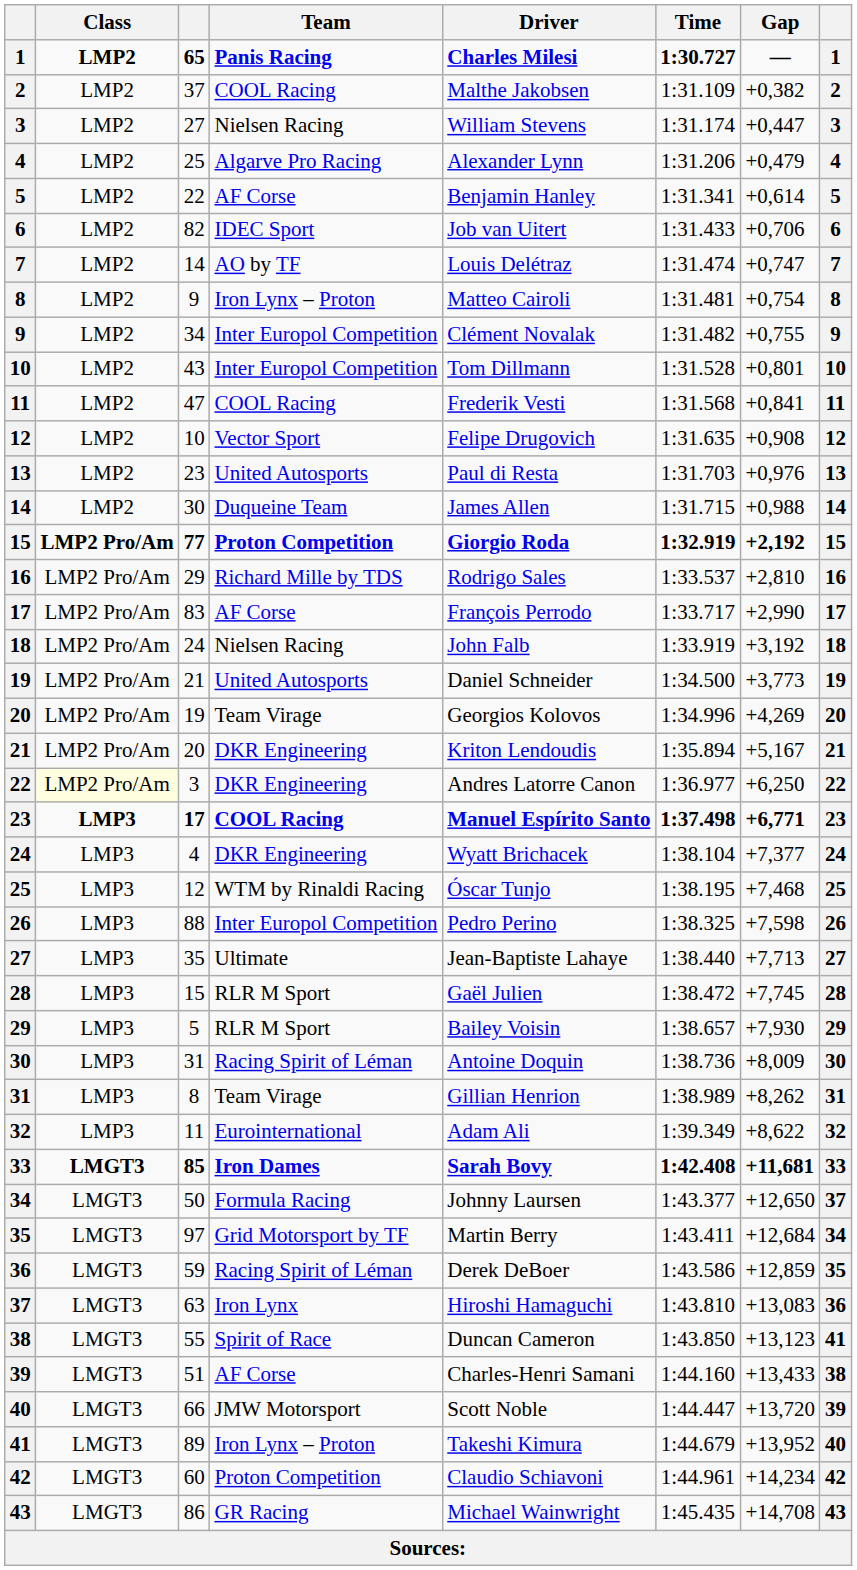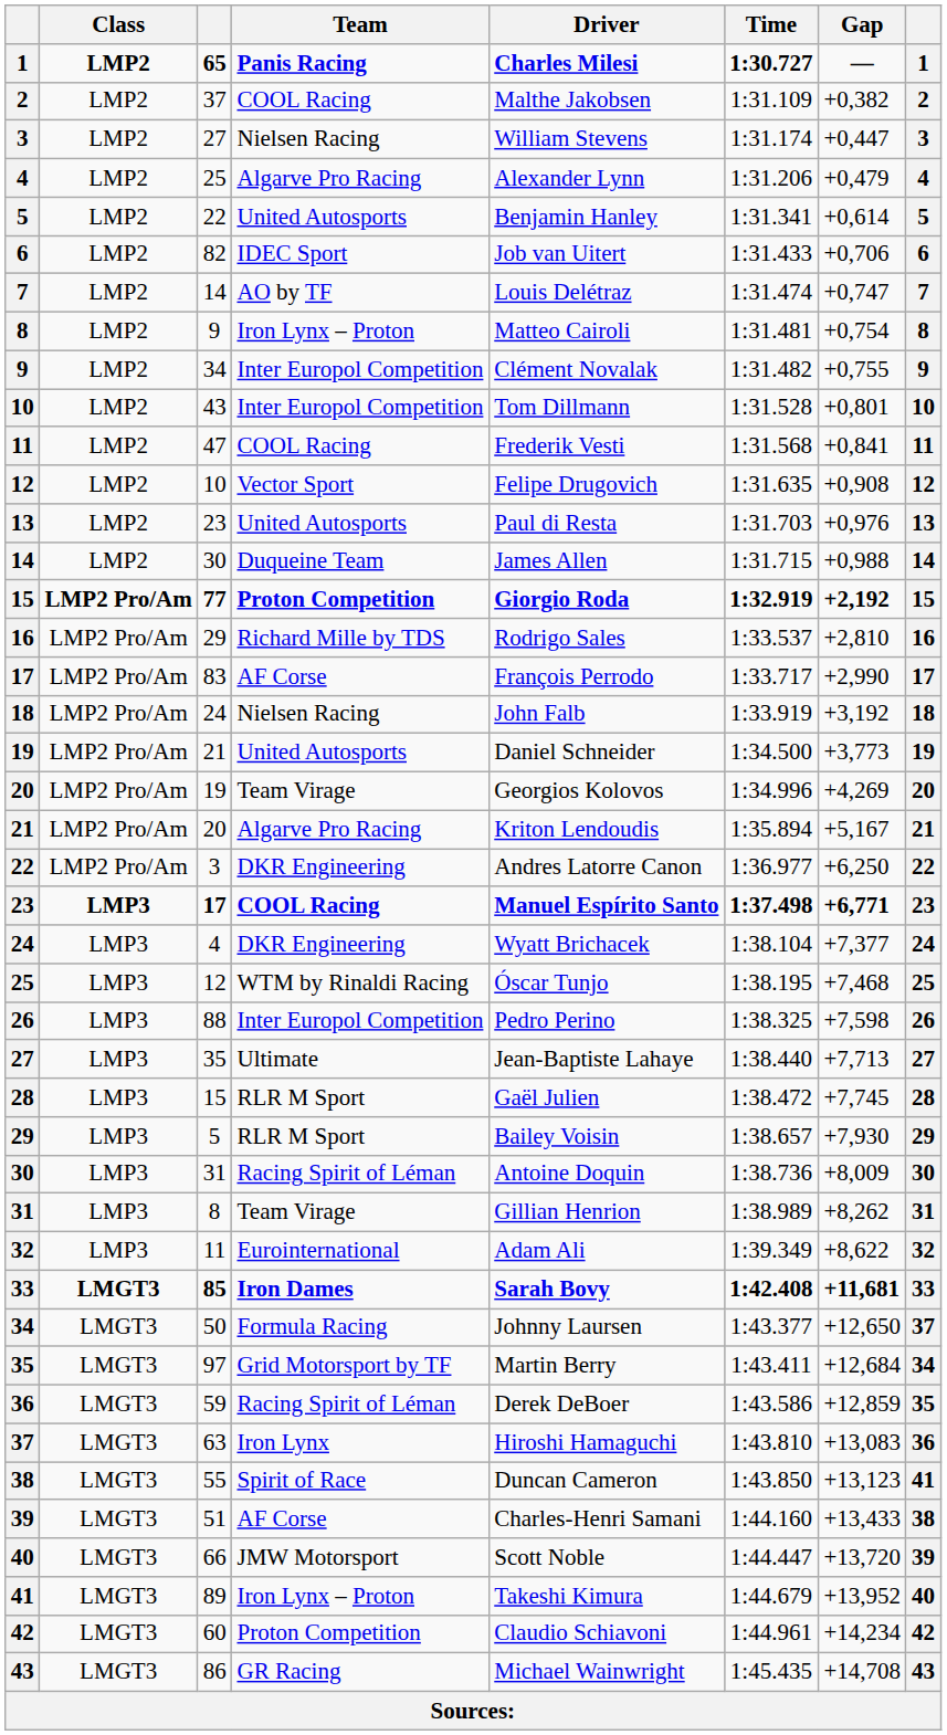 <table class="wikitable sortable" style="font-size: 90%;">
 <tr>
 <th></th>
 <th class="unsortable">Class</th>
 <th class="unsortable"></th>
 <th class="unsortable">Team</th>
 <th class="unsortable">Driver</th>
 <th class="unsortable">Time</th>
 <th class="unsortable">Gap</th>
 <th></th>
 </tr>
 <tr style="font-weight: bold;">
 <th>1</th>
 <td align="center">LMP2</td>
 <td align="center">65</td>
 <td> <a href='#'>Panis Racing</a></td>
 <td> <a href='#'>Charles Milesi</a></td>
 <td align="center">1:30.727</td>
 <td align="center">—</td>
 <th>1</th>
 </tr>
 <tr>
 <th>2</th>
 <td align="center">LMP2</td>
 <td align="center">37</td>
 <td> <a href='#'>COOL Racing</a></td>
 <td> <a href='#'>Malthe Jakobsen</a></td>
 <td align="center">1:31.109</td>
 <td>+0,382</td>
 <th>2</th>
 </tr>
 <tr>
 <th>3</th>
 <td align="center">LMP2</td>
 <td align="center">27</td>
 <td> Nielsen Racing</td>
 <td> <a href='#'>William Stevens</a></td>
 <td align="center">1:31.174</td>
 <td>+0,447</td>
 <th>3</th>
 </tr>
 <tr>
 <th>4</th>
 <td align="center">LMP2</td>
 <td align="center">25</td>
 <td> <a href='#'>Algarve Pro Racing</a></td>
 <td> <a href='#'>Alexander Lynn</a></td>
 <td align="center">1:31.206</td>
 <td>+0,479</td>
 <th>4</th>
 </tr>
 <tr>
 <th>5</th>
 <td align="center">LMP2</td>
 <td align="center">22</td>
-<td> <a href='#'>AF Corse</a></td>
+<td> <a href='#'>United Autosports</a></td>
 <td> <a href='#'>Benjamin Hanley</a></td>
 <td align="center">1:31.341</td>
 <td>+0,614</td>
 <th>5</th>
 </tr>
 <tr>
 <th>6</th>
 <td align="center">LMP2</td>
 <td align="center">82</td>
 <td> <a href='#'>IDEC Sport</a></td>
 <td> <a href='#'>Job van Uitert</a></td>
 <td align="center">1:31.433</td>
 <td>+0,706</td>
 <th>6</th>
 </tr>
 <tr>
 <th>7</th>
 <td align="center">LMP2</td>
 <td align="center">14</td>
 <td> <a href='#'>AO</a> by <a href='#'>TF</a></td>
 <td> <a href='#'>Louis Delétraz</a></td>
 <td align="center">1:31.474</td>
 <td>+0,747</td>
 <th>7</th>
 </tr>
 <tr>
 <th>8</th>
 <td align="center">LMP2</td>
 <td align="center">9</td>
 <td> <a href='#'>Iron Lynx</a> – <a href='#'>Proton</a></td>
 <td> <a href='#'>Matteo Cairoli</a></td>
 <td align="center">1:31.481</td>
 <td>+0,754</td>
 <th>8</th>
 </tr>
 <tr>
 <th>9</th>
 <td align="center">LMP2</td>
 <td align="center">34</td>
 <td> <a href='#'>Inter Europol Competition</a></td>
 <td> <a href='#'>Clément Novalak</a></td>
 <td align="center">1:31.482</td>
 <td>+0,755</td>
 <th>9</th>
 </tr>
 <tr>
 <th>10</th>
 <td align="center">LMP2</td>
 <td align="center">43</td>
 <td> <a href='#'>Inter Europol Competition</a></td>
 <td> <a href='#'>Tom Dillmann</a></td>
 <td align="center">1:31.528</td>
 <td>+0,801</td>
 <th>10</th>
 </tr>
 <tr>
 <th>11</th>
 <td align="center">LMP2</td>
 <td align="center">47</td>
 <td> <a href='#'>COOL Racing</a></td>
 <td> <a href='#'>Frederik Vesti</a></td>
 <td align="center">1:31.568</td>
 <td>+0,841</td>
 <th>11</th>
 </tr>
 <tr>
 <th>12</th>
 <td align="center">LMP2</td>
 <td align="center">10</td>
 <td> <a href='#'>Vector Sport</a></td>
 <td> <a href='#'>Felipe Drugovich</a></td>
 <td align="center">1:31.635</td>
 <td>+0,908</td>
 <th>12</th>
 </tr>
 <tr>
 <th>13</th>
 <td align="center">LMP2</td>
 <td align="center">23</td>
 <td> <a href='#'>United Autosports</a></td>
 <td> <a href='#'>Paul di Resta</a></td>
 <td align="center">1:31.703</td>
 <td>+0,976</td>
 <th>13</th>
 </tr>
 <tr>
 <th>14</th>
 <td align="center">LMP2</td>
 <td align="center">30</td>
 <td> <a href='#'>Duqueine Team</a></td>
 <td> <a href='#'>James Allen</a></td>
 <td align="center">1:31.715</td>
 <td>+0,988</td>
 <th>14</th>
 </tr>
 <tr style="font-weight: bold;">
 <th>15</th>
 <td align="center">LMP2 Pro/Am</td>
 <td align="center">77</td>
 <td> <a href='#'>Proton Competition</a></td>
 <td> <a href='#'>Giorgio Roda</a></td>
 <td align="center">1:32.919</td>
 <td>+2,192</td>
 <th>15</th>
 </tr>
 <tr>
 <th>16</th>
 <td align="center">LMP2 Pro/Am</td>
 <td align="center">29</td>
 <td> <a href='#'>Richard Mille by TDS</a></td>
 <td> <a href='#'>Rodrigo Sales</a></td>
 <td align="center">1:33.537</td>
 <td>+2,810</td>
 <th>16</th>
 </tr>
 <tr>
 <th>17</th>
 <td align="center">LMP2 Pro/Am</td>
 <td align="center">83</td>
 <td> <a href='#'>AF Corse</a></td>
 <td> <a href='#'>François Perrodo</a></td>
 <td align="center">1:33.717</td>
 <td>+2,990</td>
 <th>17</th>
 </tr>
 <tr>
 <th>18</th>
 <td align="center">LMP2 Pro/Am</td>
 <td align="center">24</td>
 <td> Nielsen Racing</td>
 <td> <a href='#'>John Falb</a></td>
 <td align="center">1:33.919</td>
 <td>+3,192</td>
 <th>18</th>
 </tr>
 <tr>
 <th>19</th>
 <td align="center">LMP2 Pro/Am</td>
 <td align="center">21</td>
 <td> <a href='#'>United Autosports</a></td>
 <td> Daniel Schneider</td>
 <td align="center">1:34.500</td>
 <td>+3,773</td>
 <th>19</th>
 </tr>
 <tr>
 <th>20</th>
 <td align="center">LMP2 Pro/Am</td>
 <td align="center">19</td>
 <td> Team Virage</td>
 <td> Georgios Kolovos</td>
 <td align="center">1:34.996</td>
 <td>+4,269</td>
 <th>20</th>
 </tr>
 <tr>
 <th>21</th>
 <td align="center">LMP2 Pro/Am</td>
 <td align="center">20</td>
-<td> <a href='#'>DKR Engineering</a></td>
+<td> <a href='#'>Algarve Pro Racing</a></td>
 <td> <a href='#'>Kriton Lendoudis</a></td>
 <td align="center">1:35.894</td>
 <td>+5,167</td>
 <th>21</th>
 </tr>
 <tr>
 <th>22</th>
-<td align="center" style="background: lightyellow;">LMP2 Pro/Am</td>
+<td align="center">LMP2 Pro/Am</td>
 <td align="center">3</td>
 <td> <a href='#'>DKR Engineering</a></td>
 <td> Andres Latorre Canon</td>
 <td align="center">1:36.977</td>
 <td>+6,250</td>
 <th>22</th>
 </tr>
 <tr style="font-weight: bold;">
 <th>23</th>
 <td align="center">LMP3</td>
 <td align="center">17</td>
 <td> <a href='#'>COOL Racing</a></td>
 <td> <a href='#'>Manuel Espírito Santo</a></td>
 <td align="center">1:37.498</td>
 <td>+6,771</td>
 <th>23</th>
 </tr>
 <tr>
 <th>24</th>
 <td align="center">LMP3</td>
 <td align="center">4</td>
 <td> <a href='#'>DKR Engineering</a></td>
 <td> <a href='#'>Wyatt Brichacek</a></td>
 <td align="center">1:38.104</td>
 <td>+7,377</td>
 <th>24</th>
 </tr>
 <tr>
 <th>25</th>
 <td align="center">LMP3</td>
 <td align="center">12</td>
 <td> WTM by Rinaldi Racing</td>
 <td> <a href='#'>Óscar Tunjo</a></td>
 <td align="center">1:38.195</td>
 <td>+7,468</td>
 <th>25</th>
 </tr>
 <tr>
 <th>26</th>
 <td align="center">LMP3</td>
 <td align="center">88</td>
 <td> <a href='#'>Inter Europol Competition</a></td>
 <td> <a href='#'>Pedro Perino</a></td>
 <td align="center">1:38.325</td>
 <td>+7,598</td>
 <th>26</th>
 </tr>
 <tr>
 <th>27</th>
 <td align="center">LMP3</td>
 <td align="center">35</td>
 <td> Ultimate</td>
 <td> Jean-Baptiste Lahaye</td>
 <td align="center">1:38.440</td>
 <td>+7,713</td>
 <th>27</th>
 </tr>
 <tr>
 <th>28</th>
 <td align="center">LMP3</td>
 <td align="center">15</td>
 <td> RLR M Sport</td>
 <td> <a href='#'>Gaël Julien</a></td>
 <td align="center">1:38.472</td>
 <td>+7,745</td>
 <th>28</th>
 </tr>
 <tr>
 <th>29</th>
 <td align="center">LMP3</td>
 <td align="center">5</td>
 <td> RLR M Sport</td>
 <td> <a href='#'>Bailey Voisin</a></td>
 <td align="center">1:38.657</td>
 <td>+7,930</td>
 <th>29</th>
 </tr>
 <tr>
 <th>30</th>
 <td align="center">LMP3</td>
 <td align="center">31</td>
 <td> <a href='#'>Racing Spirit of Léman</a></td>
 <td> <a href='#'>Antoine Doquin</a></td>
 <td align="center">1:38.736</td>
 <td>+8,009</td>
 <th>30</th>
 </tr>
 <tr>
 <th>31</th>
 <td align="center">LMP3</td>
 <td align="center">8</td>
 <td> Team Virage</td>
 <td> <a href='#'>Gillian Henrion</a></td>
 <td align="center">1:38.989</td>
 <td>+8,262</td>
 <th>31</th>
 </tr>
 <tr>
 <th>32</th>
 <td align="center">LMP3</td>
 <td align="center">11</td>
 <td> <a href='#'>Eurointernational</a></td>
 <td> <a href='#'>Adam Ali</a></td>
 <td align="center">1:39.349</td>
 <td>+8,622</td>
 <th>32</th>
 </tr>
 <tr style="font-weight: bold;">
 <th>33</th>
 <td align="center">LMGT3</td>
 <td align="center">85</td>
 <td> <a href='#'>Iron Dames</a></td>
 <td> <a href='#'>Sarah Bovy</a></td>
 <td align="center">1:42.408</td>
 <td>+11,681</td>
 <th>33</th>
 </tr>
 <tr>
 <th>34</th>
 <td align="center">LMGT3</td>
 <td align="center">50</td>
 <td> <a href='#'>Formula Racing</a></td>
 <td> Johnny Laursen</td>
 <td align="center">1:43.377</td>
 <td>+12,650</td>
 <th>37</th>
 </tr>
 <tr>
 <th>35</th>
 <td align="center">LMGT3</td>
 <td align="center">97</td>
 <td> <a href='#'>Grid Motorsport by TF</a></td>
 <td> Martin Berry</td>
 <td align="center">1:43.411</td>
 <td>+12,684</td>
 <th>34</th>
 </tr>
 <tr>
 <th>36</th>
 <td align="center">LMGT3</td>
 <td align="center">59</td>
 <td> <a href='#'>Racing Spirit of Léman</a></td>
 <td> Derek DeBoer</td>
 <td align="center">1:43.586</td>
 <td>+12,859</td>
 <th>35</th>
 </tr>
 <tr>
 <th>37</th>
 <td align="center">LMGT3</td>
 <td align="center">63</td>
 <td> <a href='#'>Iron Lynx</a></td>
 <td> <a href='#'>Hiroshi Hamaguchi</a></td>
 <td align="center">1:43.810</td>
 <td>+13,083</td>
 <th>36</th>
 </tr>
 <tr>
 <th>38</th>
 <td align="center">LMGT3</td>
 <td align="center">55</td>
 <td> <a href='#'>Spirit of Race</a></td>
 <td> Duncan Cameron</td>
 <td align="center">1:43.850</td>
 <td>+13,123</td>
 <th>41</th>
 </tr>
 <tr>
 <th>39</th>
 <td align="center">LMGT3</td>
 <td align="center">51</td>
 <td> <a href='#'>AF Corse</a></td>
 <td> Charles-Henri Samani</td>
 <td align="center">1:44.160</td>
 <td>+13,433</td>
 <th>38</th>
 </tr>
 <tr>
 <th>40</th>
 <td align="center">LMGT3</td>
 <td align="center">66</td>
 <td> JMW Motorsport</td>
 <td> Scott Noble</td>
 <td align="center">1:44.447</td>
 <td>+13,720</td>
 <th>39</th>
 </tr>
 <tr>
 <th>41</th>
 <td align="center">LMGT3</td>
 <td align="center">89</td>
 <td> <a href='#'>Iron Lynx</a> – <a href='#'>Proton</a></td>
 <td> <a href='#'>Takeshi Kimura</a></td>
 <td align="center">1:44.679</td>
 <td>+13,952</td>
 <th>40</th>
 </tr>
 <tr>
 <th>42</th>
 <td align="center">LMGT3</td>
 <td align="center">60</td>
 <td> <a href='#'>Proton Competition</a></td>
 <td> <a href='#'>Claudio Schiavoni</a></td>
 <td align="center">1:44.961</td>
 <td>+14,234</td>
 <th>42</th>
 </tr>
 <tr>
 <th>43</th>
 <td align="center">LMGT3</td>
 <td align="center">86</td>
 <td> <a href='#'>GR Racing</a></td>
 <td> <a href='#'>Michael Wainwright</a></td>
 <td align="center">1:45.435</td>
 <td>+14,708</td>
 <th>43</th>
 </tr>
 <tr>
 <th colspan="8">Sources:</th>
 </tr>
 <tr>
 </tr>
 </table>
